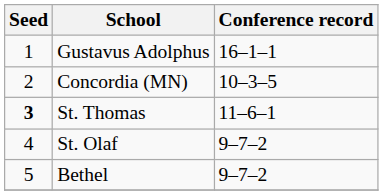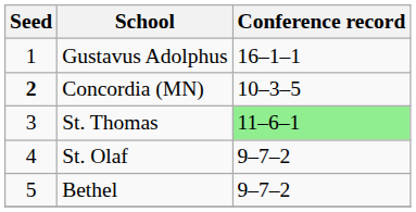 <table class="wikitable">
 <tr>
 <th>Seed</th>
 <th>School</th>
 <th>Conference record</th>
 </tr>
 <tr>
 <td align=center>1</td>
 <td>Gustavus Adolphus</td>
 <td>16–1–1</td>
 </tr>
 <tr>
-<td align=center>2</td>
+<td align=center><strong>2</strong></td>
 <td>Concordia (MN)</td>
 <td>10–3–5</td>
 </tr>
 <tr>
-<td align=center><strong>3</strong></td>
+<td align=center>3</td>
 <td>St. Thomas</td>
-<td>11–6–1</td>
+<td style="background: lightgreen;">11–6–1</td>
 </tr>
 <tr>
 <td align=center>4</td>
 <td>St. Olaf</td>
 <td>9–7–2</td>
 </tr>
 <tr>
 <td align=center>5</td>
 <td>Bethel</td>
 <td>9–7–2</td>
 </tr>
 <tr>
 </tr>
 </table>
